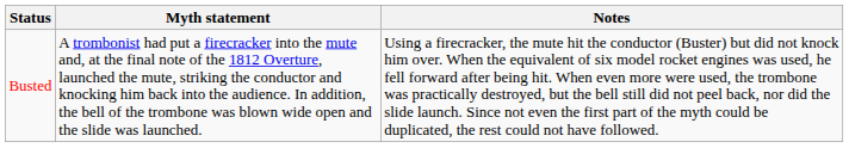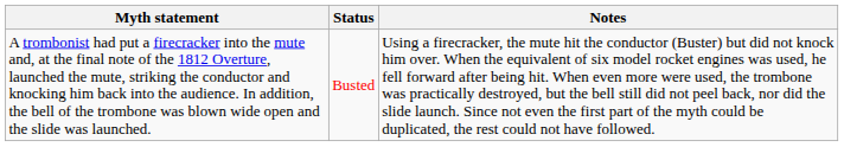 <table class="wikitable plainrowheaders">
 <tr>
+<th>Myth statement</th>
 <th>Status</th>
-<th>Myth statement</th>
 <th>Notes</th>
 </tr>
 <tr>
+<td>A <a href='#'>trombonist</a> had put a <a href='#'>firecracker</a> into the <a href='#'>mute</a> and, at the final note of the <a href='#'>1812 Overture</a>, launched the mute, striking the conductor and knocking him back into the audience. In addition, the bell of the trombone was blown wide open and the slide was launched.</td>
 <td style="color:red">Busted</td>
-<td>A <a href='#'>trombonist</a> had put a <a href='#'>firecracker</a> into the <a href='#'>mute</a> and, at the final note of the <a href='#'>1812 Overture</a>, launched the mute, striking the conductor and knocking him back into the audience. In addition, the bell of the trombone was blown wide open and the slide was launched.</td>
 <td>Using a firecracker, the mute hit the conductor (Buster) but did not knock him over. When the equivalent of six model rocket engines was used, he fell forward after being hit. When even more were used, the trombone was practically destroyed, but the bell still did not peel back, nor did the slide launch. Since not even the first part of the myth could be duplicated, the rest could not have followed.</td>
 </tr>
 </table>
